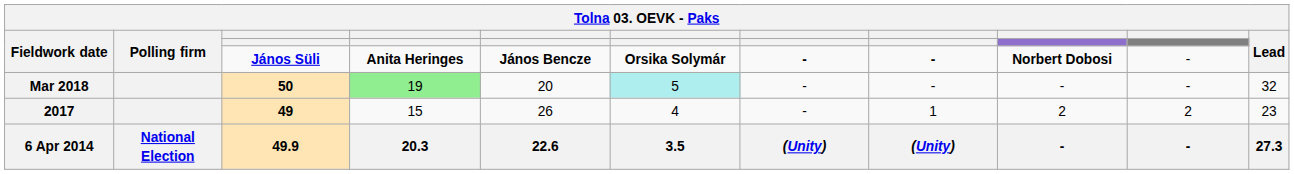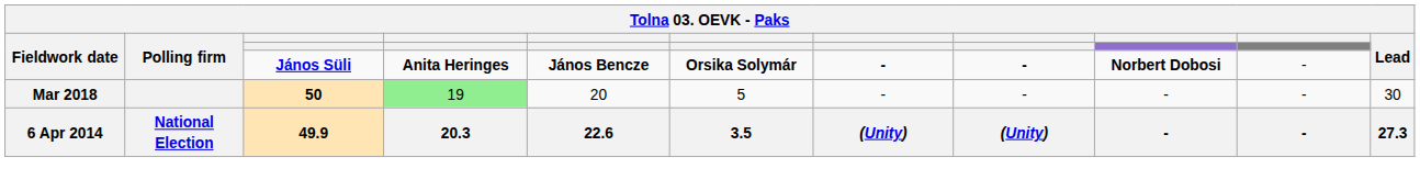 <table class="wikitable mw-collapsible mw-collapsed" style="text-align:center">
 <tr>
 <th colspan="11" style="width: 980pt;"><small><a href='#'>Tolna</a> 03. OEVK - <a href='#'>Paks</a></small></th>
 </tr>
 <tr>
 <th rowspan="3" style="width: 80pt;"><small>Fieldwork</small> <small>date</small></th>
 <th rowspan="3" style="width: 80pt;"><strong><small>Polling</small> <small>firm</small></strong></th>
 <th style="width: 100pt;"><small></small></th>
 <th style="width: 100pt;"><small> </small></th>
 <th style="width: 100pt;"></th>
 <th style="width: 100pt;"></th>
 <th style="width: 100pt;"></th>
 <th style="width: 100pt;"></th>
 <th style="width: 100pt;"></th>
 <th style="width: 100pt;"></th>
 <th rowspan="3" style="width: 20pt;"><small>Lead</small></th>
 </tr>
 <tr>
 <th style="color:inherit;background:"></th>
 <th style="color:inherit;background:"></th>
 <th style="color:inherit;background:"></th>
 <th style="color:inherit;background:"></th>
 <th style="color:inherit;background:"></th>
 <th style="color:inherit;background:"></th>
 <th style="color:inherit;background:#8E6FCE;"></th>
 <th style="color:inherit;background:#808080;"></th>
 </tr>
 <tr>
 <td><strong><a href='#'><small>János Süli</small></a></strong></td>
 <td><strong><small>Anita Heringes</small></strong></td>
 <td><strong><small>János Bencze</small></strong></td>
 <td><strong><small>Orsika Solymár</small></strong></td>
 <td><strong><small>-</small></strong></td>
 <td><strong><small>-</small></strong></td>
 <td><strong><small>Norbert Dobosi</small></strong></td>
 <td><small>-</small></td>
 </tr>
 <tr>
 <th><small>Mar 2018</small></th>
 <th><small></small></th>
 <td style="background:#FFE5B4"><strong><small>50</small></strong></td>
 <td style="background: lightgreen;"><small>19</small></td>
 <td><small>20</small></td>
-<td style="background: paleturquoise;"><small>5</small></td>
+<td><small>5</small></td>
 <td><small>-</small></td>
 <td><small>-</small></td>
 <td><small>-</small></td>
 <td><small>-</small></td>
-<td style="background:"><small>32</small></td>
-</tr>
-<tr>
-<th><small>2017</small></th>
-<th><small></small></th>
-<td style="background:#FFE5B4"><strong><small>49</small></strong></td>
-<td><small>15</small></td>
-<td><small>26</small></td>
-<td><small>4</small></td>
-<td><small>-</small></td>
-<td><small>1</small></td>
-<td><small>2</small></td>
-<td><small>2</small></td>
-<td style="background:"><small>23</small></td>
+<td style="background:"><small>30</small></td>
 </tr>
 <tr>
 <th><small>6 Apr 2014</small></th>
 <th><a href='#'><small>National Election</small></a></th>
 <th style="background:#FFE5B4"><strong><small>49.9</small></strong></th>
 <th><small>20.3</small></th>
 <th><small>22.6</small></th>
 <th><small>3.5</small></th>
 <th><small><em>(<a href='#'>Unity</a>)</em></small></th>
 <th><small><em>(<a href='#'>Unity</a>)</em></small></th>
 <th><small>-</small></th>
 <th><small>-</small></th>
 <th style="background:"><small>27.3</small></th>
 </tr>
 </table>
